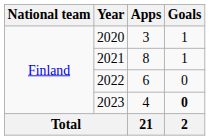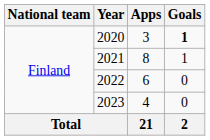 <table class=wikitable style=text-align:center>
 <tr>
 <th>National team</th>
 <th>Year</th>
 <th>Apps</th>
 <th>Goals</th>
 </tr>
 <tr>
 <td rowspan="4"><a href='#'>Finland</a></td>
 <td>2020</td>
 <td>3</td>
-<td>1</td>
+<td><strong>1</strong></td>
 </tr>
 <tr>
 <td>2021</td>
 <td>8</td>
 <td>1</td>
 </tr>
 <tr>
 <td>2022</td>
 <td>6</td>
 <td>0</td>
 </tr>
 <tr>
 <td>2023</td>
 <td>4</td>
-<td><strong>0</strong></td>
+<td>0</td>
 </tr>
 <tr>
 <th colspan="2">Total</th>
 <th>21</th>
 <th>2</th>
 </tr>
 </table>
